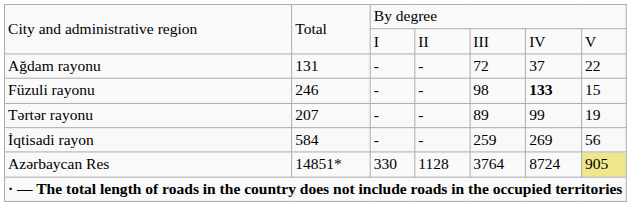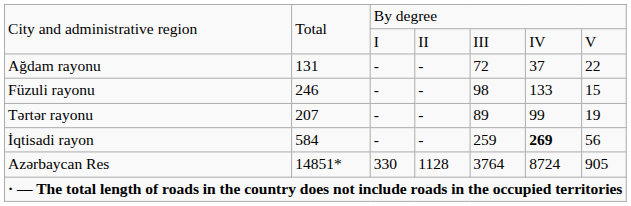 <table class="wikitable">
 <tr>
 <td rowspan="2">City and administrative region</td>
 <td rowspan="2">Total</td>
 <td colspan="5">By degree</td>
 </tr>
 <tr>
 <td>I</td>
 <td>II</td>
 <td>III</td>
 <td>IV</td>
 <td>V</td>
 </tr>
 <tr>
 <td>Ağdam rayonu</td>
 <td>131</td>
 <td>-</td>
 <td>-</td>
 <td>72</td>
 <td>37</td>
 <td>22</td>
 </tr>
 <tr>
 <td>Füzuli rayonu</td>
 <td>246</td>
 <td>-</td>
 <td>-</td>
 <td>98</td>
-<td><strong>133</strong></td>
+<td>133</td>
 <td>15</td>
 </tr>
 <tr>
 <td>Tərtər rayonu</td>
 <td>207</td>
 <td>-</td>
 <td>-</td>
 <td>89</td>
 <td>99</td>
 <td>19</td>
 </tr>
 <tr>
 <td>İqtisadi rayon</td>
 <td>584</td>
 <td>-</td>
 <td>-</td>
 <td>259</td>
-<td>269</td>
+<td><strong>269</strong></td>
 <td>56</td>
 </tr>
 <tr>
 <td>Azərbaycan Res</td>
 <td>14851*</td>
 <td>330</td>
 <td>1128</td>
 <td>3764</td>
 <td>8724</td>
-<td style="background: khaki;">905</td>
+<td>905</td>
 </tr>
 <tr>
 <td colspan="7"><strong>· — The total length of roads in the country does not include roads in the occupied territories</strong></td>
 </tr>
 </table>
